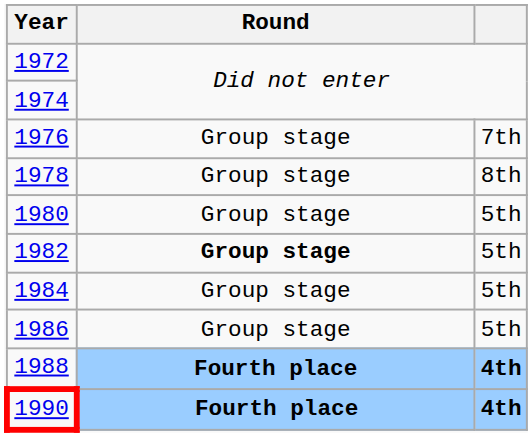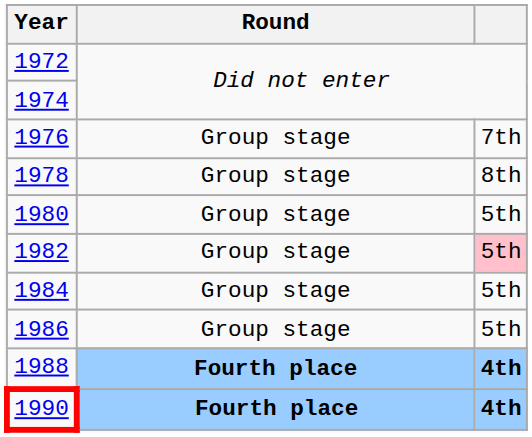 <table class="wikitable" style="text-align: center; font-size:90%">
 <tr>
 <th>Year</th>
 <th style="width:200px">Round</th>
 <th></th>
 </tr>
 <tr>
 <td><a href='#'>1972</a></td>
 <td colspan="2" rowspan="2"><em>Did not enter</em></td>
 </tr>
 <tr>
 <td><a href='#'>1974</a></td>
 </tr>
 <tr>
 <td><a href='#'>1976</a></td>
 <td>Group stage</td>
 <td>7th</td>
 </tr>
 <tr>
 <td><a href='#'>1978</a></td>
 <td>Group stage</td>
 <td>8th</td>
 </tr>
 <tr>
 <td><a href='#'>1980</a></td>
 <td>Group stage</td>
 <td>5th</td>
 </tr>
 <tr>
 <td><a href='#'>1982</a></td>
-<td><strong>Group stage</strong></td>
-<td>5th</td>
+<td>Group stage</td>
+<td style="background: pink;">5th</td>
 </tr>
 <tr>
 <td><a href='#'>1984</a></td>
 <td>Group stage</td>
 <td>5th</td>
 </tr>
 <tr>
 <td><a href='#'>1986</a></td>
 <td>Group stage</td>
 <td>5th</td>
 </tr>
 <tr>
 <td><a href='#'>1988</a></td>
 <td bgcolor="9acdff"><strong>Fourth place</strong></td>
 <td bgcolor="9acdff"><strong>4th</strong></td>
 </tr>
 <tr>
 <td style="border: 3px solid red"><a href='#'>1990</a></td>
 <td bgcolor="9acdff"><strong>Fourth place</strong></td>
 <td bgcolor="9acdff"><strong>4th</strong></td>
 </tr>
 </table>
